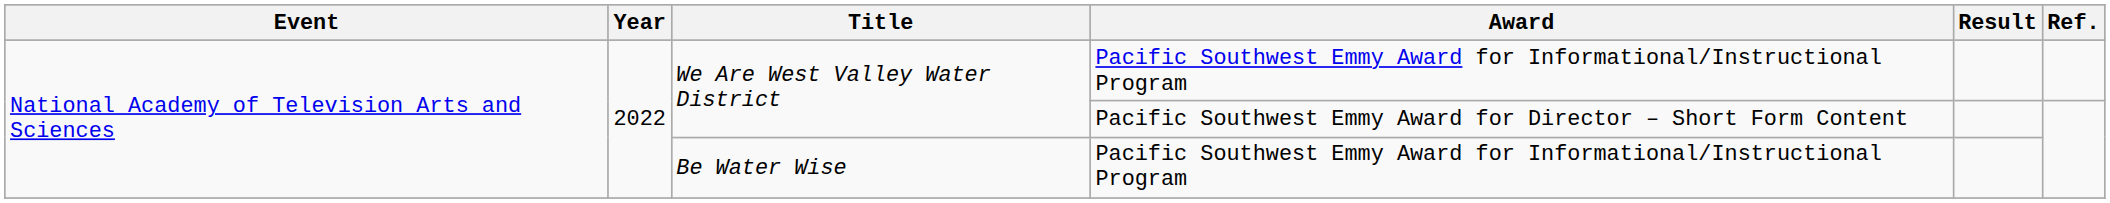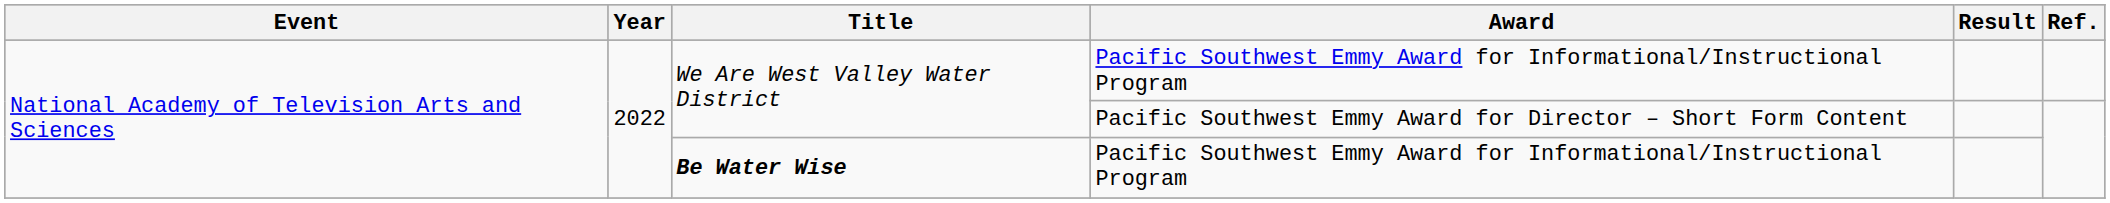 <table class="wikitable">
 <tr>
 <th>Event</th>
 <th>Year</th>
 <th>Title</th>
 <th>Award</th>
 <th>Result</th>
 <th>Ref.</th>
 </tr>
 <tr>
 <td rowspan="3"><a href='#'>National Academy of Television Arts and Sciences</a></td>
 <td rowspan="3">2022</td>
 <td rowspan="2"><em>We Are West Valley Water District</em></td>
 <td><a href='#'>Pacific Southwest Emmy Award</a> for Informational/Instructional Program</td>
 <td></td>
 <td></td>
 </tr>
 <tr>
 <td>Pacific Southwest Emmy Award for Director – Short Form Content</td>
 <td></td>
 <td rowspan="2"></td>
 </tr>
 <tr>
-<td><em>Be Water Wise</em></td>
+<td><strong><em>Be Water Wise</em></strong></td>
 <td>Pacific Southwest Emmy Award for Informational/Instructional Program</td>
 <td></td>
 </tr>
 </table>
